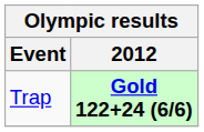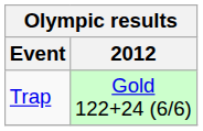 <table class="wikitable" style="text-align: center">
 <tr>
 <th colspan=4>Olympic results</th>
 </tr>
 <tr>
 <th>Event</th>
 <th>2012</th>
 </tr>
 <tr>
 <td align=left><a href='#'>Trap</a></td>
-<td style="background: #ccffcc"><strong> <a href='#'>Gold</a><br>122+24 (6/6)</strong></td>
+<td style="background: #ccffcc"> <a href='#'>Gold</a><br>122+24 (6/6)</td>
 </tr>
 <tr>
 </tr>
 </table>
